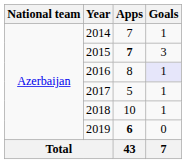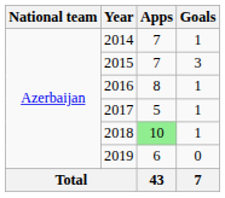 <table class="wikitable" style="text-align:center">
 <tr>
 <th>National team</th>
 <th>Year</th>
 <th>Apps</th>
 <th>Goals</th>
 </tr>
 <tr>
 <td rowspan="6"><a href='#'>Azerbaijan</a></td>
 <td>2014</td>
 <td>7</td>
 <td>1</td>
 </tr>
 <tr>
 <td>2015</td>
-<td><strong>7</strong></td>
+<td>7</td>
 <td>3</td>
 </tr>
 <tr>
 <td>2016</td>
 <td>8</td>
-<td style="background: lavender;">1</td>
+<td>1</td>
 </tr>
 <tr>
 <td>2017</td>
 <td>5</td>
 <td>1</td>
 </tr>
 <tr>
 <td>2018</td>
-<td>10</td>
+<td style="background: lightgreen;">10</td>
 <td>1</td>
 </tr>
 <tr>
 <td>2019</td>
-<td><strong>6</strong></td>
+<td>6</td>
 <td>0</td>
 </tr>
 <tr>
 <th colspan="2">Total</th>
 <th>43</th>
 <th>7</th>
 </tr>
 </table>
